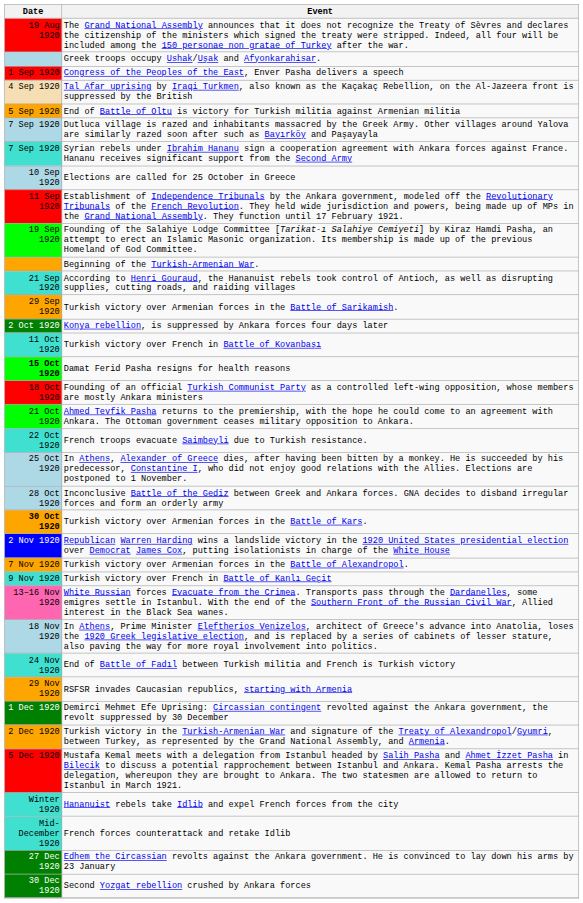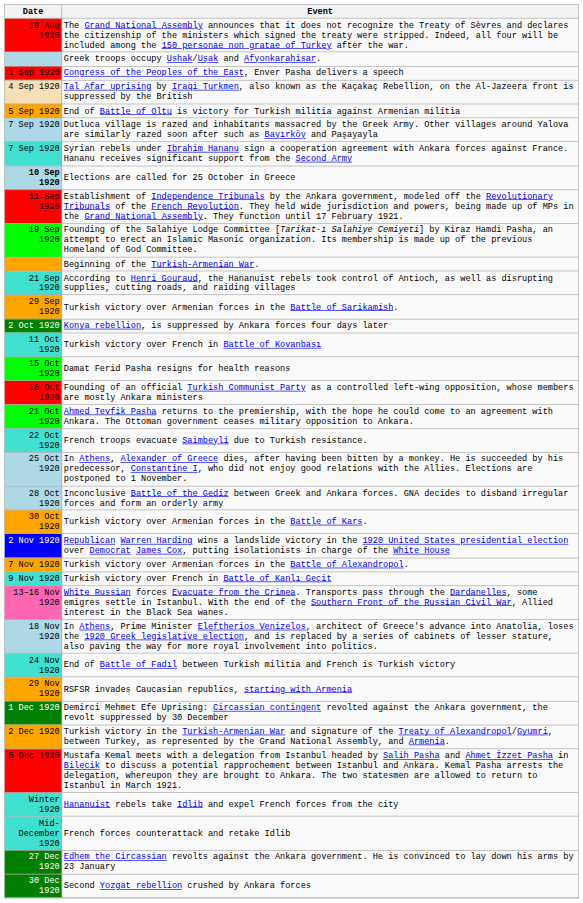 <table class="wikitable">
 <tr>
 <th width="10%">Date</th>
 <th>Event</th>
 </tr>
 <tr>
 <td valign="top" align="right" style="background:Red">19 Aug 1920</td>
 <td>The <a href='#'>Grand National Assembly</a> announces that it does not recognize the Treaty of Sèvres and declares the citizenship of the ministers which signed the treaty were stripped. Indeed, all four will be included among the <a href='#'>150 personae non gratae of Turkey</a> after the war.</td>
 </tr>
 <tr>
 <td valign="top" align="right" style="background:Lightblue"></td>
 <td>Greek troops occupy <a href='#'>Ushak</a>/<a href='#'>Uşak</a> and <a href='#'>Afyonkarahisar</a>.</td>
 </tr>
 <tr>
 <td valign="top" align="right" style="background:Red">1 Sep 1920</td>
 <td><a href='#'>Congress of the Peoples of the East</a>, Enver Pasha delivers a speech</td>
 </tr>
 <tr>
 <td valign="top" align="right" style="background:Wheat">4 Sep 1920</td>
 <td><a href='#'>Tal Afar uprising</a> by <a href='#'>Iraqi Turkmen</a>, also known as the Kaçakaç Rebellion, on the Al-Jazeera front is suppressed by the British</td>
 </tr>
 <tr>
 <td valign="top" align="right" style="background:Orange">5 Sep 1920</td>
 <td>End of <a href='#'>Battle of Oltu</a> is victory for Turkish militia against Armenian militia</td>
 </tr>
 <tr>
 <td valign="top" align="right" style="background:Lightblue">7 Sep 1920</td>
 <td>Dutluca village is razed and inhabitants massacred by the Greek Army. Other villages around Yalova are similarly razed soon after such as <a href='#'>Bayırköy</a> and Paşayayla</td>
 </tr>
 <tr>
 <td valign="top" align="right" style="background:Turquoise">7 Sep 1920</td>
 <td>Syrian rebels under <a href='#'>Ibrahim Hananu</a> sign a cooperation agreement with Ankara forces against France. Hananu receives significant support from the <a href='#'>Second Army</a></td>
 </tr>
 <tr>
-<td valign="top" align="right" style="background:Lightblue">10 Sep 1920</td>
+<td valign="top" align="right" style="background:Lightblue"><strong>10 Sep 1920</strong></td>
 <td>Elections are called for 25 October in Greece</td>
 </tr>
 <tr>
 <td valign="top" align="right" style="background:Red">11 Sep 1920</td>
 <td>Establishment of <a href='#'>Independence Tribunals</a> by the Ankara government, modeled off the <a href='#'>Revolutionary Tribunals</a> of the <a href='#'>French Revolution</a>. They held wide jurisdiction and powers, being made up of MPs in the <a href='#'>Grand National Assembly</a>. They function until 17 February 1921.</td>
 </tr>
 <tr>
 <td valign="top" align="right" style="background:Lime">19 Sep 1920</td>
 <td>Founding of the Salahiye Lodge Committee [<em>Tarikat-ı Salahiye Cemiyeti</em>] by Kiraz Hamdi Pasha, an attempt to erect an Islamic Masonic organization. Its membership is made up of the previous Homeland of God Committee.</td>
 </tr>
 <tr>
 <td valign="top" align="right" style="background:Orange"></td>
 <td>Beginning of the <a href='#'>Turkish-Armenian War</a>.</td>
 </tr>
 <tr>
 <td valign="top" align="right" style="background:Turquoise">21 Sep 1920</td>
 <td>According to <a href='#'>Henri Gouraud</a>, the Hananuist rebels took control of Antioch, as well as disrupting supplies, cutting roads, and raiding villages</td>
 </tr>
 <tr>
 <td valign="top" align="right" style="background:Orange">29 Sep 1920</td>
 <td>Turkish victory over Armenian forces in the <a href='#'>Battle of Sarikamish</a>.</td>
 </tr>
 <tr>
 <td valign="top" align="right" style="background:Green; color: white;">2 Oct 1920</td>
 <td><a href='#'>Konya rebellion</a>, is suppressed by Ankara forces four days later</td>
 </tr>
 <tr>
 <td valign="top" align="right" style="background:Turquoise">11 Oct 1920</td>
 <td>Turkish victory over French in <a href='#'>Battle of Kovanbaşı</a></td>
 </tr>
 <tr>
-<td valign="top" align="right" style="background:Lime"><strong>15 Oct 1920</strong></td>
+<td valign="top" align="right" style="background:Lime">15 Oct 1920</td>
 <td>Damat Ferid Pasha resigns for health reasons</td>
 </tr>
 <tr>
 <td valign="top" align="right" style="background:Red">18 Oct 1920</td>
 <td>Founding of an official <a href='#'>Turkish Communist Party</a> as a controlled left-wing opposition, whose members are mostly Ankara ministers</td>
 </tr>
 <tr>
 <td valign="top" align="right" style="background:Lime">21 Oct 1920</td>
 <td><a href='#'>Ahmed Tevfik Pasha</a> returns to the premiership, with the hope he could come to an agreement with Ankara. The Ottoman government ceases military opposition to Ankara.</td>
 </tr>
 <tr>
 <td valign="top" align="right" style="background:Turquoise">22 Oct 1920</td>
 <td>French troops evacuate <a href='#'>Saimbeyli</a> due to Turkish resistance.</td>
 </tr>
 <tr>
 <td valign="top" align="right" style="background:Lightblue">25 Oct 1920</td>
 <td>In <a href='#'>Athens</a>, <a href='#'>Alexander of Greece</a> dies, after having been bitten by a monkey. He is succeeded by his predecessor, <a href='#'>Constantine I</a>, who did not enjoy good relations with the Allies. Elections are postponed to 1 November.</td>
 </tr>
 <tr>
 <td valign="top" align="right" style="background:Lightblue">28 Oct 1920</td>
 <td>Inconclusive <a href='#'>Battle of the Gediz</a> between Greek and Ankara forces. GNA decides to disband irregular forces and form an orderly army</td>
 </tr>
 <tr>
-<td valign="top" align="right" style="background:Orange"><strong>30 Oct 1920</strong></td>
+<td valign="top" align="right" style="background:Orange">30 Oct 1920</td>
 <td>Turkish victory over Armenian forces in the <a href='#'>Battle of Kars</a>.</td>
 </tr>
 <tr>
 <td valign="top" align="right" style="background:blue; color: white;">2 Nov 1920</td>
 <td><a href='#'>Republican</a> <a href='#'>Warren Harding</a> wins a landslide victory in the <a href='#'>1920 United States presidential election</a> over <a href='#'>Democrat</a> <a href='#'>James Cox</a>, putting isolationists in charge of the <a href='#'>White House</a></td>
 </tr>
 <tr>
 <td valign="top" align="right" style="background:Orange">7 Nov 1920</td>
 <td>Turkish victory over Armenian forces in the <a href='#'>Battle of Alexandropol</a>.</td>
 </tr>
 <tr>
 <td valign="top" align="right" style="background:Turquoise">9 Nov 1920</td>
 <td>Turkish victory over French in <a href='#'>Battle of Kanlı Geçit</a></td>
 </tr>
 <tr>
 <td valign="top" align="right" style="background:#FF66B2;">13–16 Nov 1920</td>
 <td><a href='#'>White Russian</a> forces <a href='#'>Evacuate from the Crimea</a>. Transports pass through the <a href='#'>Dardanelles</a>, some emigres settle in Istanbul. With the end of the <a href='#'>Southern Front of the Russian Civil War</a>, Allied interest in the Black Sea wanes.</td>
 </tr>
 <tr>
 <td valign="top" align="right" style="background:Lightblue">18 Nov 1920</td>
 <td>In <a href='#'>Athens</a>, Prime Minister <a href='#'>Eleftherios Venizelos</a>, architect of Greece's advance into Anatolia, loses the <a href='#'>1920 Greek legislative election</a>, and is replaced by a series of cabinets of lesser stature, also paving the way for more royal involvement into politics.</td>
 </tr>
 <tr>
 <td valign="top" align="right" style="background:Turquoise">24 Nov 1920</td>
 <td>End of <a href='#'>Battle of Fadıl</a> between Turkish militia and French is Turkish victory</td>
 </tr>
 <tr>
 <td valign="top" align="right" style="background:Orange">29 Nov 1920</td>
 <td>RSFSR invades Caucasian republics, <a href='#'>starting with Armenia</a></td>
 </tr>
 <tr>
 <td valign="top" align="right" style="background:Green; color: white;">1 Dec 1920</td>
 <td>Demirci Mehmet Efe Uprising: <a href='#'>Circassian contingent</a> revolted against the Ankara government, the revolt suppressed by 30 December</td>
 </tr>
 <tr>
 <td valign="top" align="right" style="background:Orange">2 Dec 1920</td>
 <td>Turkish victory in the <a href='#'>Turkish-Armenian War</a> and signature of the <a href='#'>Treaty of Alexandropol</a>/<a href='#'>Gyumri</a>, between Turkey, as represented by the Grand National Assembly, and <a href='#'>Armenia</a>.</td>
 </tr>
 <tr>
 <td valign="top" align="right" style="background:Red">5 Dec 1920</td>
 <td>Mustafa Kemal meets with a delegation from Istanbul headed by <a href='#'>Salih Pasha</a> and <a href='#'>Ahmet İzzet Pasha</a> in <a href='#'>Bilecik</a> to discuss a potential rapprochement between Istanbul and Ankara. Kemal Pasha arrests the delegation, whereupon they are brought to Ankara. The two statesmen are allowed to return to Istanbul in March 1921.</td>
 </tr>
 <tr>
 <td valign="top" align="right" style="background:Turquoise">Winter 1920</td>
 <td><a href='#'>Hananuist</a> rebels take <a href='#'>Idlib</a> and expel French forces from the city</td>
 </tr>
 <tr>
 <td valign="top" align="right" style="background:Turquoise">Mid-December 1920</td>
 <td>French forces counterattack and retake Idlib</td>
 </tr>
 <tr>
 <td valign="top" align="right" style="background:Green; color: White;">27 Dec 1920</td>
 <td><a href='#'>Edhem the Circassian</a> revolts against the Ankara government. He is convinced to lay down his arms by 23 January</td>
 </tr>
 <tr>
 <td valign="top" align="right" style="background:Green; color: White;">30 Dec 1920</td>
 <td>Second <a href='#'>Yozgat rebellion</a> crushed by Ankara forces</td>
 </tr>
 <tr>
 </tr>
 </table>
